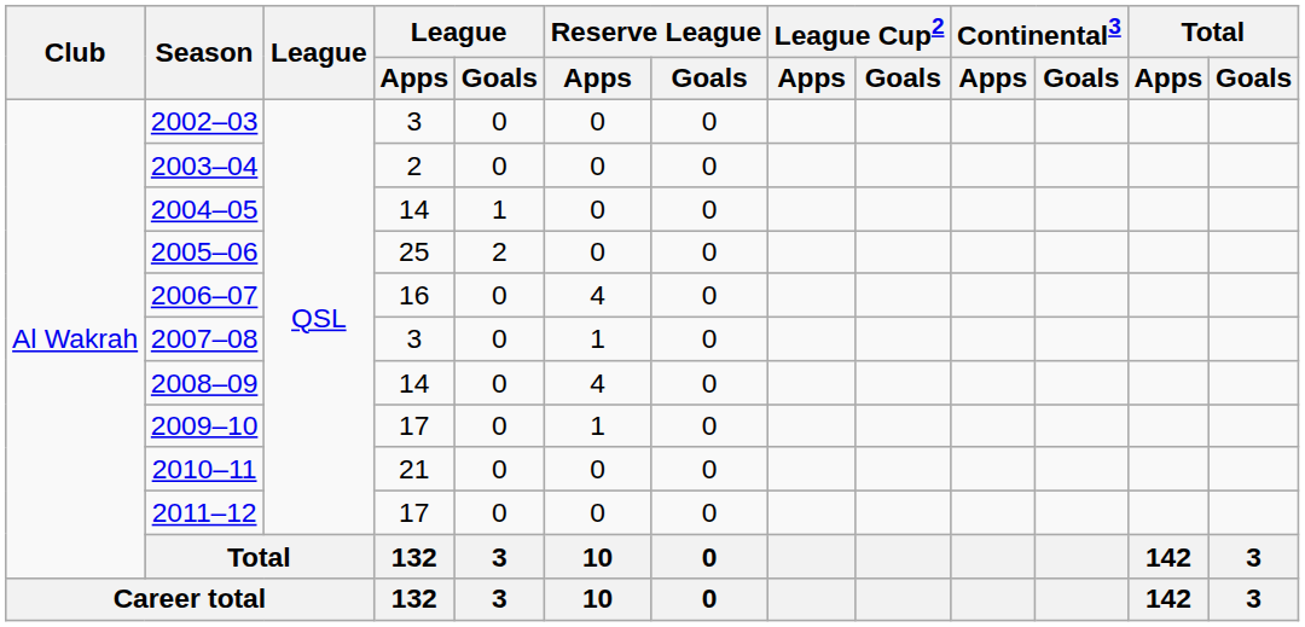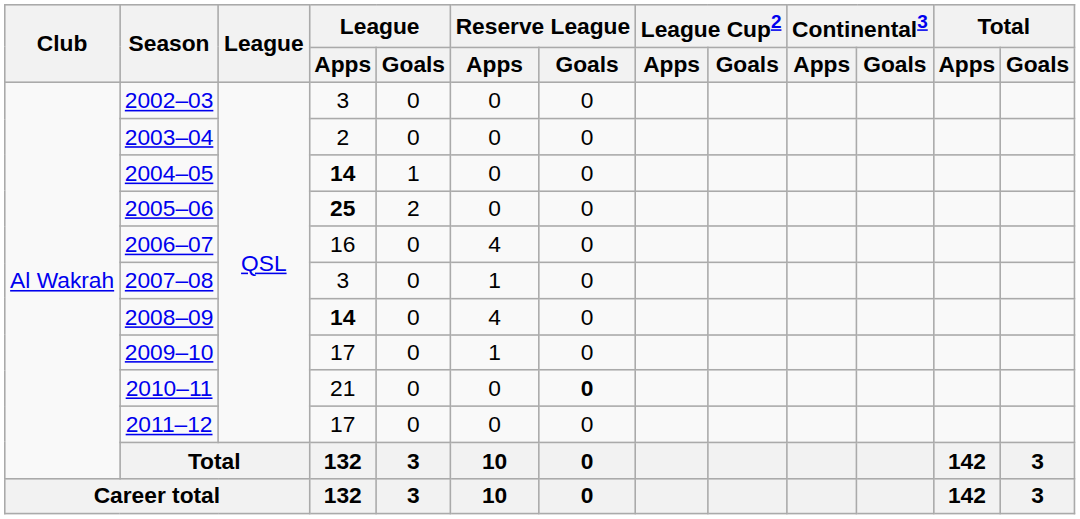 <table class="wikitable" style="font-size:90%; text-align:center;">
 <tr>
 <th rowspan="2">Club</th>
 <th rowspan="2">Season</th>
 <th rowspan="2">League</th>
 <th colspan="2">League</th>
 <th colspan="2">Reserve League</th>
 <th colspan="2">League Cup<sup><a href='#'>2</a></sup></th>
 <th colspan="2">Continental<sup><a href='#'>3</a></sup></th>
 <th colspan="2">Total</th>
 </tr>
 <tr>
 <th>Apps</th>
 <th>Goals</th>
 <th>Apps</th>
 <th>Goals</th>
 <th>Apps</th>
 <th>Goals</th>
 <th>Apps</th>
 <th>Goals</th>
 <th>Apps</th>
 <th>Goals</th>
 </tr>
 <tr>
 <td rowspan="11"><a href='#'>Al Wakrah</a></td>
 <td><a href='#'>2002–03</a></td>
 <td rowspan="10" valign="center"><a href='#'>QSL</a></td>
 <td>3</td>
 <td>0</td>
 <td>0</td>
 <td>0</td>
 <td></td>
 <td></td>
 <td></td>
 <td></td>
 <td></td>
 <td></td>
 </tr>
 <tr>
 <td><a href='#'>2003–04</a></td>
 <td>2</td>
 <td>0</td>
 <td>0</td>
 <td>0</td>
 <td></td>
 <td></td>
 <td></td>
 <td></td>
 <td></td>
 <td></td>
 </tr>
 <tr>
 <td><a href='#'>2004–05</a></td>
-<td>14</td>
+<td><strong>14</strong></td>
 <td>1</td>
 <td>0</td>
 <td>0</td>
 <td></td>
 <td></td>
 <td></td>
 <td></td>
 <td></td>
 <td></td>
 </tr>
 <tr>
 <td><a href='#'>2005–06</a></td>
-<td>25</td>
+<td><strong>25</strong></td>
 <td>2</td>
 <td>0</td>
 <td>0</td>
 <td></td>
 <td></td>
 <td></td>
 <td></td>
 <td></td>
 <td></td>
 </tr>
 <tr>
 <td><a href='#'>2006–07</a></td>
 <td>16</td>
 <td>0</td>
 <td>4</td>
 <td>0</td>
 <td></td>
 <td></td>
 <td></td>
 <td></td>
 <td></td>
 <td></td>
 </tr>
 <tr>
 <td><a href='#'>2007–08</a></td>
 <td>3</td>
 <td>0</td>
 <td>1</td>
 <td>0</td>
 <td></td>
 <td></td>
 <td></td>
 <td></td>
 <td></td>
 <td></td>
 </tr>
 <tr>
 <td><a href='#'>2008–09</a></td>
-<td>14</td>
+<td><strong>14</strong></td>
 <td>0</td>
 <td>4</td>
 <td>0</td>
 <td></td>
 <td></td>
 <td></td>
 <td></td>
 <td></td>
 <td></td>
 </tr>
 <tr>
 <td><a href='#'>2009–10</a></td>
 <td>17</td>
 <td>0</td>
 <td>1</td>
 <td>0</td>
 <td></td>
 <td></td>
 <td></td>
 <td></td>
 <td></td>
 <td></td>
 </tr>
 <tr>
 <td><a href='#'>2010–11</a></td>
 <td>21</td>
 <td>0</td>
 <td>0</td>
-<td>0</td>
+<td><strong>0</strong></td>
 <td></td>
 <td></td>
 <td></td>
 <td></td>
 <td></td>
 <td></td>
 </tr>
 <tr>
 <td><a href='#'>2011–12</a></td>
 <td>17</td>
 <td>0</td>
 <td>0</td>
 <td>0</td>
 <td></td>
 <td></td>
 <td></td>
 <td></td>
 <td></td>
 <td></td>
 </tr>
 <tr>
 <th colspan="2">Total</th>
 <th>132</th>
 <th>3</th>
 <th>10</th>
 <th>0</th>
 <th></th>
 <th></th>
 <th></th>
 <th></th>
 <th>142</th>
 <th>3</th>
 </tr>
 <tr>
 <th colspan="3">Career total</th>
 <th>132</th>
 <th>3</th>
 <th>10</th>
 <th>0</th>
 <th></th>
 <th></th>
 <th></th>
 <th></th>
 <th>142</th>
 <th>3</th>
 </tr>
 </table>
